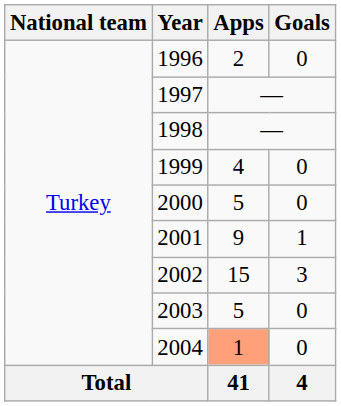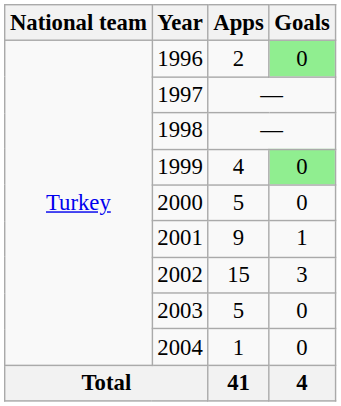 <table class="wikitable" style="text-align:center">
 <tr>
 <th>National team</th>
 <th>Year</th>
 <th>Apps</th>
 <th>Goals</th>
 </tr>
 <tr>
 <td rowspan="9"><a href='#'>Turkey</a></td>
 <td>1996</td>
 <td>2</td>
-<td>0</td>
+<td style="background: lightgreen;">0</td>
 </tr>
 <tr>
 <td>1997</td>
 <td colspan="2">—</td>
 </tr>
 <tr>
 <td>1998</td>
 <td colspan="2">—</td>
 </tr>
 <tr>
 <td>1999</td>
 <td>4</td>
-<td>0</td>
+<td style="background: lightgreen;">0</td>
 </tr>
 <tr>
 <td>2000</td>
 <td>5</td>
 <td>0</td>
 </tr>
 <tr>
 <td>2001</td>
 <td>9</td>
 <td>1</td>
 </tr>
 <tr>
 <td>2002</td>
 <td>15</td>
 <td>3</td>
 </tr>
 <tr>
 <td>2003</td>
 <td>5</td>
 <td>0</td>
 </tr>
 <tr>
 <td>2004</td>
-<td style="background: lightsalmon;">1</td>
+<td>1</td>
 <td>0</td>
 </tr>
 <tr>
 <th colspan="2">Total</th>
 <th>41</th>
 <th>4</th>
 </tr>
 </table>
